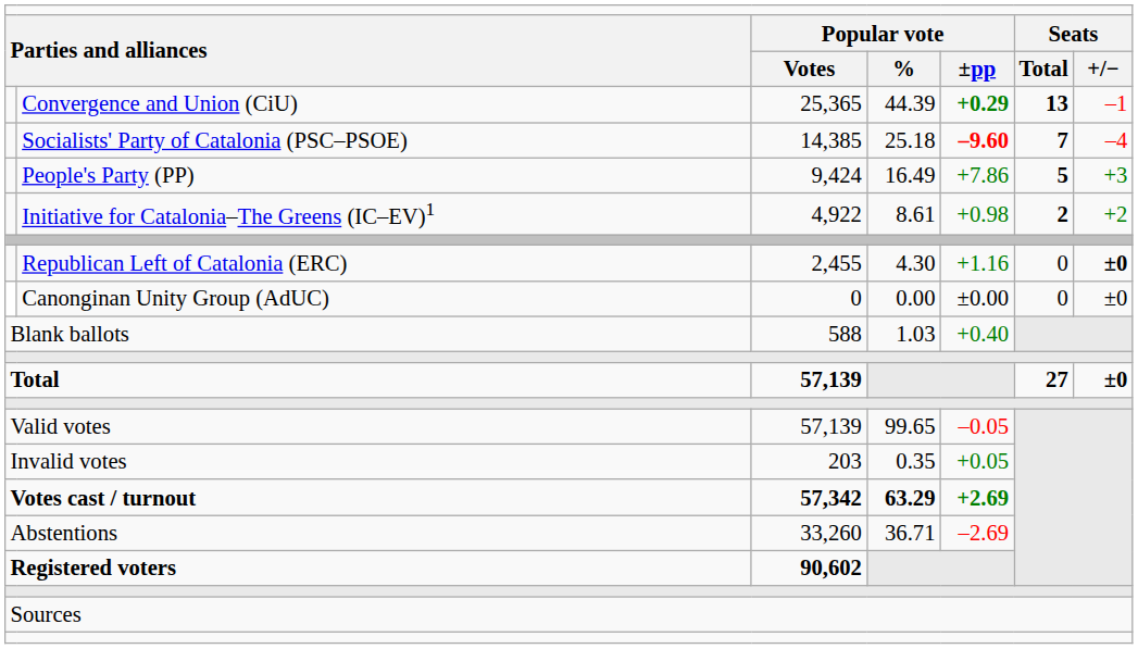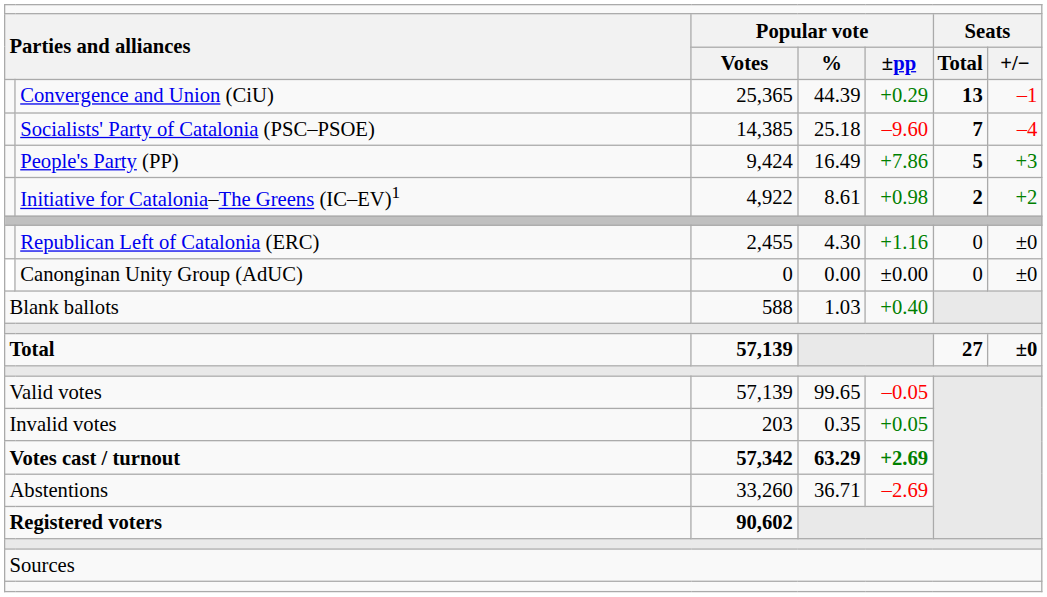 <table class="wikitable" style="text-align:right;">
 <tr>
 <td colspan="7"></td>
 </tr>
 <tr>
 <th style="text-align:left;" rowspan="2" colspan="2" width="525">Parties and alliances</th>
 <th colspan="3">Popular vote</th>
 <th colspan="2">Seats</th>
 </tr>
 <tr>
 <th width="75">Votes</th>
 <th width="45">%</th>
 <th width="45">±<a href='#'>pp</a></th>
 <th width="35">Total</th>
 <th width="35">+/−</th>
 </tr>
 <tr>
 <td width="1" style="color:inherit;background:"></td>
 <td align="left"><a href='#'>Convergence and Union</a> (CiU)</td>
 <td>25,365</td>
 <td>44.39</td>
-<td style="color:green;"><strong>+0.29</strong></td>
+<td style="color:green;">+0.29</td>
 <td><strong>13</strong></td>
 <td style="color:red;">–1</td>
 </tr>
 <tr>
 <td style="color:inherit;background:"></td>
 <td align="left"><a href='#'>Socialists' Party of Catalonia</a> (PSC–PSOE)</td>
 <td>14,385</td>
 <td>25.18</td>
-<td style="color:red;"><strong>–9.60</strong></td>
+<td style="color:red;">–9.60</td>
 <td><strong>7</strong></td>
 <td style="color:red;">–4</td>
 </tr>
 <tr>
 <td style="color:inherit;background:"></td>
 <td align="left"><a href='#'>People's Party</a> (PP)</td>
 <td>9,424</td>
 <td>16.49</td>
 <td style="color:green;">+7.86</td>
 <td><strong>5</strong></td>
 <td style="color:green;">+3</td>
 </tr>
 <tr>
 <td style="color:inherit;background:"></td>
 <td align="left"><a href='#'>Initiative for Catalonia</a>–<a href='#'>The Greens</a> (IC–EV)<sup>1</sup></td>
 <td>4,922</td>
 <td>8.61</td>
 <td style="color:green;">+0.98</td>
 <td><strong>2</strong></td>
 <td style="color:green;">+2</td>
 </tr>
 <tr>
 <td colspan="7" style="color:inherit;background:#C0C0C0"></td>
 </tr>
 <tr>
 <td style="color:inherit;background:"></td>
 <td align="left"><a href='#'>Republican Left of Catalonia</a> (ERC)</td>
 <td>2,455</td>
 <td>4.30</td>
 <td style="color:green;">+1.16</td>
 <td>0</td>
-<td><strong>±0</strong></td>
+<td>±0</td>
 </tr>
 <tr>
 <td bgcolor="white"></td>
 <td align="left">Canonginan Unity Group (AdUC)</td>
 <td>0</td>
 <td>0.00</td>
 <td>±0.00</td>
 <td>0</td>
 <td>±0</td>
 </tr>
 <tr>
 <td align="left" colspan="2">Blank ballots</td>
 <td>588</td>
 <td>1.03</td>
 <td style="color:green;">+0.40</td>
 <td style="color:inherit;background:#E9E9E9" colspan="2"></td>
 </tr>
 <tr>
 <td colspan="7" style="color:inherit;background:#E9E9E9"></td>
 </tr>
 <tr style="font-weight:bold;">
 <td align="left" colspan="2">Total</td>
 <td>57,139</td>
 <td bgcolor="#E9E9E9" colspan="2"></td>
 <td>27</td>
 <td>±0</td>
 </tr>
 <tr>
 <td colspan="7" style="color:inherit;background:#E9E9E9"></td>
 </tr>
 <tr>
 <td align="left" colspan="2">Valid votes</td>
 <td>57,139</td>
 <td>99.65</td>
 <td style="color:red;">–0.05</td>
 <td bgcolor="#E9E9E9" colspan="2" rowspan="5"></td>
 </tr>
 <tr>
 <td align="left" colspan="2">Invalid votes</td>
 <td>203</td>
 <td>0.35</td>
 <td style="color:green;">+0.05</td>
 </tr>
 <tr style="font-weight:bold;">
 <td align="left" colspan="2">Votes cast / turnout</td>
 <td>57,342</td>
 <td>63.29</td>
 <td style="color:green;">+2.69</td>
 </tr>
 <tr>
 <td align="left" colspan="2">Abstentions</td>
 <td>33,260</td>
 <td>36.71</td>
 <td style="color:red;">–2.69</td>
 </tr>
 <tr style="font-weight:bold;">
 <td align="left" colspan="2">Registered voters</td>
 <td>90,602</td>
 <td bgcolor="#E9E9E9" colspan="2"></td>
 </tr>
 <tr>
 <td colspan="7" style="color:inherit;background:#E9E9E9"></td>
 </tr>
 <tr>
 <td align="left" colspan="7">Sources</td>
 </tr>
 <tr>
 <td colspan="7" style="text-align:left; max-width:790px;"></td>
 </tr>
 </table>
